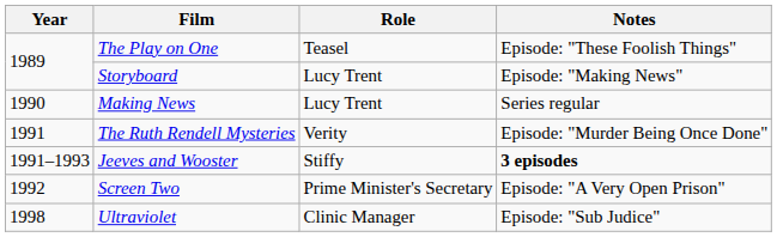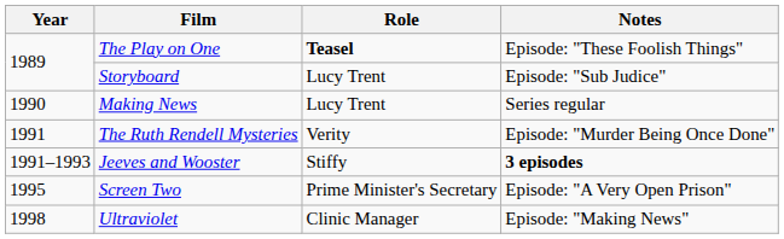 <table class="wikitable">
 <tr>
 <th>Year</th>
 <th>Film</th>
 <th>Role</th>
 <th>Notes</th>
 </tr>
 <tr>
 <td rowspan="2">1989</td>
 <td><em><a href='#'>The Play on One</a></em></td>
-<td>Teasel</td>
+<td><strong>Teasel</strong></td>
 <td>Episode: "These Foolish Things"</td>
 </tr>
 <tr>
 <td><em><a href='#'>Storyboard</a></em></td>
 <td>Lucy Trent</td>
-<td>Episode: "Making News"</td>
+<td>Episode: "Sub Judice"</td>
 </tr>
 <tr>
 <td>1990</td>
 <td><em><a href='#'>Making News</a></em></td>
 <td>Lucy Trent</td>
 <td>Series regular</td>
 </tr>
 <tr>
 <td>1991</td>
 <td><em><a href='#'>The Ruth Rendell Mysteries</a></em></td>
 <td>Verity</td>
 <td>Episode: "Murder Being Once Done"</td>
 </tr>
 <tr>
 <td>1991–1993</td>
 <td><em><a href='#'>Jeeves and Wooster</a></em></td>
 <td>Stiffy</td>
 <td><strong>3 episodes</strong></td>
 </tr>
 <tr>
-<td>1992</td>
+<td>1995</td>
 <td><em><a href='#'>Screen Two</a></em></td>
 <td>Prime Minister's Secretary</td>
 <td>Episode: "A Very Open Prison"</td>
 </tr>
 <tr>
 <td>1998</td>
 <td><em><a href='#'>Ultraviolet</a></em></td>
 <td>Clinic Manager</td>
-<td>Episode: "Sub Judice"</td>
+<td>Episode: "Making News"</td>
 </tr>
 </table>
